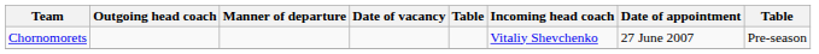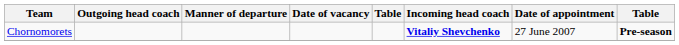 <table class="wikitable sortable">
 <tr>
 <th>Team</th>
 <th>Outgoing head coach</th>
 <th>Manner of departure</th>
 <th>Date of vacancy</th>
 <th>Table</th>
 <th>Incoming head coach</th>
 <th>Date of appointment</th>
 <th>Table</th>
 </tr>
 <tr>
 <td><a href='#'>Chornomorets</a></td>
 <td></td>
 <td></td>
 <td></td>
 <td></td>
-<td> <a href='#'>Vitaliy Shevchenko</a></td>
+<td><strong> <a href='#'>Vitaliy Shevchenko</a></strong></td>
 <td>27 June 2007</td>
-<td>Pre-season</td>
+<td><strong>Pre-season</strong></td>
 </tr>
 <tr>
 </tr>
 </table>
